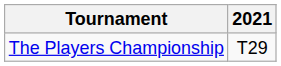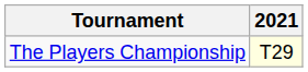 <table class="wikitable" style="font-size:95%;text-align:center;">
 <tr>
 <th>Tournament</th>
 <th>2021</th>
 </tr>
 <tr>
 <td align=left><a href='#'>The Players Championship</a></td>
-<td>T29</td>
+<td style="background: lightyellow;">T29</td>
 </tr>
 </table>
